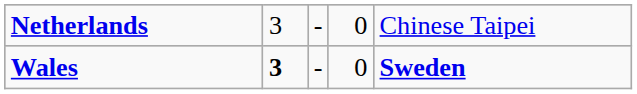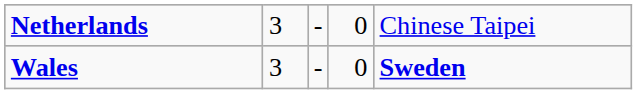 <table class="wikitable">
 <tr>
 <td width=150> <strong><a href='#'>Netherlands</a></strong></td>
 <td style="width:20px; text-align:left;">3</td>
 <td>-</td>
 <td style="width:20px; text-align:right;">0</td>
 <td width=150> <a href='#'>Chinese Taipei</a></td>
 </tr>
 <tr>
 <td> <strong><a href='#'>Wales</a></strong></td>
-<td style="text-align:left;"><strong>3</strong></td>
+<td style="text-align:left;">3</td>
 <td>-</td>
 <td style="text-align:right;">0</td>
 <td><strong> <a href='#'>Sweden</a></strong></td>
 </tr>
 </table>
